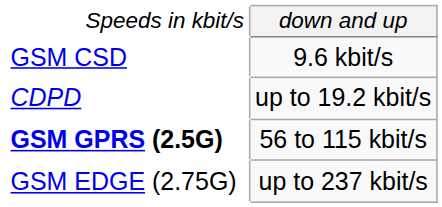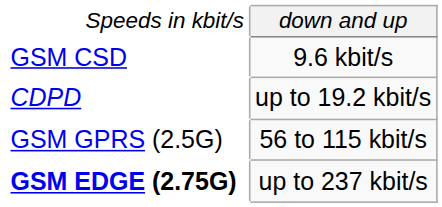 <table class="wikitable" style="float:left; margin-top:5px; margin-right:20px; line-height:1.2em;">
 <tr style="font-style:italic; padding-top:1px; padding-bottom:1px; line-height:0.9em; font-size:90%;">
 <td style="font-weight:normal; border:solid 1px white; border-right:inherit; background:white; text-align:right;">Speeds in kbit/s</td>
 <th colspan=2 style="font-weight:normal; border-bottom:solid 1px #888888;">down and up</th>
 </tr>
 <tr>
 <td style="border:solid 1px white; border-right:inherit; background:white;"> <a href='#'>GSM CSD</a></td>
 <td style="text-align:center;" colspan="2">9.6 kbit/s</td>
 </tr>
 <tr>
 <td style="border:solid 1px white; border-right:inherit; background:white;"> <a href='#'><em>CDPD</em></a></td>
 <td colspan="2" style="text-align:center;">up to 19.2 kbit/s</td>
 </tr>
 <tr>
-<td style="border:solid 1px white; border-right:inherit; background:white;"><strong> <a href='#'>GSM GPRS</a> (2.5G)</strong></td>
+<td style="border:solid 1px white; border-right:inherit; background:white;"> <a href='#'>GSM GPRS</a> (2.5G)</td>
 <td colspan="2" style="text-align:center;">56 to 115 kbit/s</td>
 </tr>
 <tr>
-<td style="border:solid 1px white; border-right:inherit; background:white;"> <a href='#'>GSM EDGE</a> (2.75G) </td>
+<td style="border:solid 1px white; border-right:inherit; background:white;"><strong> <a href='#'>GSM EDGE</a> (2.75G) </strong></td>
 <td colspan="2" style="text-align:center;">up to 237 kbit/s</td>
 </tr>
 </table>
